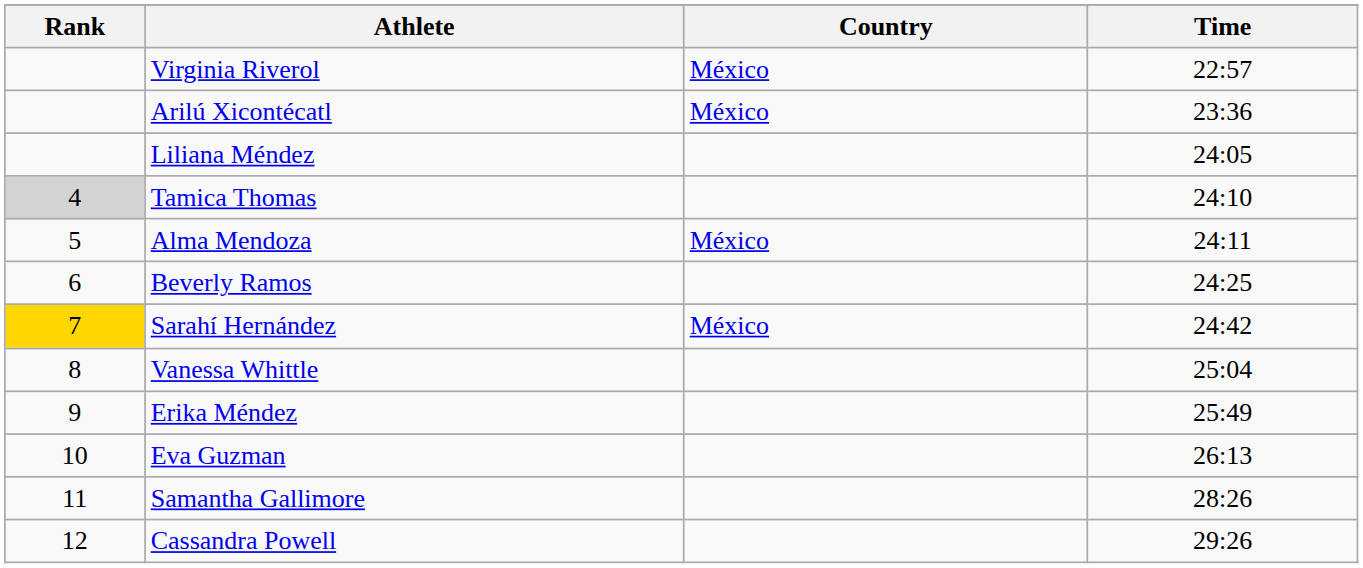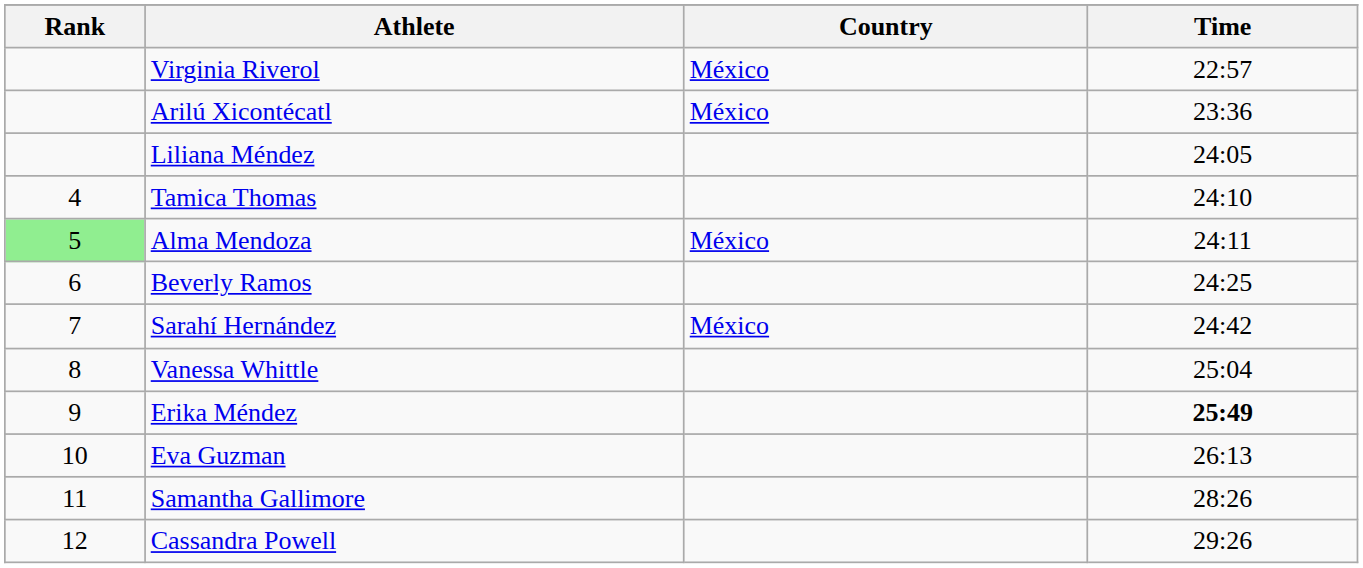 <table class="wikitable sortable" style=" text-align:center; font-size:95%;" width="50%">
 <tr>
 </tr>
 <tr>
 <th width=5%>Rank</th>
 <th width=20%>Athlete</th>
 <th width=15%>Country</th>
 <th width=10%>Time</th>
 </tr>
 <tr>
 <td align=center></td>
 <td align=left><a href='#'>Virginia Riverol</a></td>
 <td align=left> <a href='#'>México</a></td>
 <td>22:57</td>
 </tr>
 <tr>
 <td align=center></td>
 <td align=left><a href='#'>Arilú Xicontécatl</a></td>
 <td align=left> <a href='#'>México</a></td>
 <td>23:36</td>
 </tr>
 <tr>
 <td align=center></td>
 <td align=left><a href='#'>Liliana Méndez</a></td>
 <td align=left></td>
 <td>24:05</td>
 </tr>
 <tr>
-<td align=center style="background: lightgrey;">4</td>
+<td align=center>4</td>
 <td align=left><a href='#'>Tamica Thomas</a></td>
 <td align=left></td>
 <td>24:10</td>
 </tr>
 <tr>
-<td align=center>5</td>
+<td align=center style="background: lightgreen;">5</td>
 <td align=left><a href='#'>Alma Mendoza</a></td>
 <td align=left> <a href='#'>México</a></td>
 <td>24:11</td>
 </tr>
 <tr>
 <td align=center>6</td>
 <td align=left><a href='#'>Beverly Ramos</a></td>
 <td align=left></td>
 <td>24:25</td>
 </tr>
 <tr>
-<td align=center style="background: gold;">7</td>
+<td align=center>7</td>
 <td align=left><a href='#'>Sarahí Hernández</a></td>
 <td align=left> <a href='#'>México</a></td>
 <td>24:42</td>
 </tr>
 <tr>
 <td align=center>8</td>
 <td align=left><a href='#'>Vanessa Whittle</a></td>
 <td align=left></td>
 <td>25:04</td>
 </tr>
 <tr>
 <td align=center>9</td>
 <td align=left><a href='#'>Erika Méndez</a></td>
 <td align=left></td>
-<td>25:49</td>
+<td><strong>25:49</strong></td>
 </tr>
 <tr>
 <td align=center>10</td>
 <td align=left><a href='#'>Eva Guzman</a></td>
 <td align=left></td>
 <td>26:13</td>
 </tr>
 <tr>
 <td align=center>11</td>
 <td align=left><a href='#'>Samantha Gallimore</a></td>
 <td align=left></td>
 <td>28:26</td>
 </tr>
 <tr>
 <td align=center>12</td>
 <td align=left><a href='#'>Cassandra Powell</a></td>
 <td align=left></td>
 <td>29:26</td>
 </tr>
 </table>
